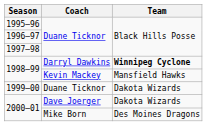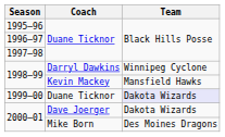 <table class="wikitable">
 <tr>
 <th>Season</th>
 <th>Coach</th>
 <th>Team</th>
 </tr>
 <tr>
 <td>1995–96</td>
 <td rowspan="3"><a href='#'>Duane Ticknor</a></td>
 <td rowspan="3">Black Hills Posse</td>
 </tr>
 <tr>
 <td>1996–97</td>
 </tr>
 <tr>
 <td>1997–98</td>
 </tr>
 <tr>
 <td rowspan="2">1998–99</td>
 <td><a href='#'>Darryl Dawkins</a></td>
-<td><strong>Winnipeg Cyclone</strong></td>
+<td>Winnipeg Cyclone</td>
 </tr>
 <tr>
 <td><a href='#'>Kevin Mackey</a></td>
 <td>Mansfield Hawks</td>
 </tr>
 <tr>
 <td>1999–00</td>
 <td>Duane Ticknor</td>
-<td>Dakota Wizards</td>
+<td style="background: lavender;">Dakota Wizards</td>
 </tr>
 <tr>
 <td rowspan="2">2000–01</td>
 <td><a href='#'>Dave Joerger</a></td>
 <td>Dakota Wizards</td>
 </tr>
 <tr>
 <td>Mike Born</td>
 <td>Des Moines Dragons</td>
 </tr>
 </table>
